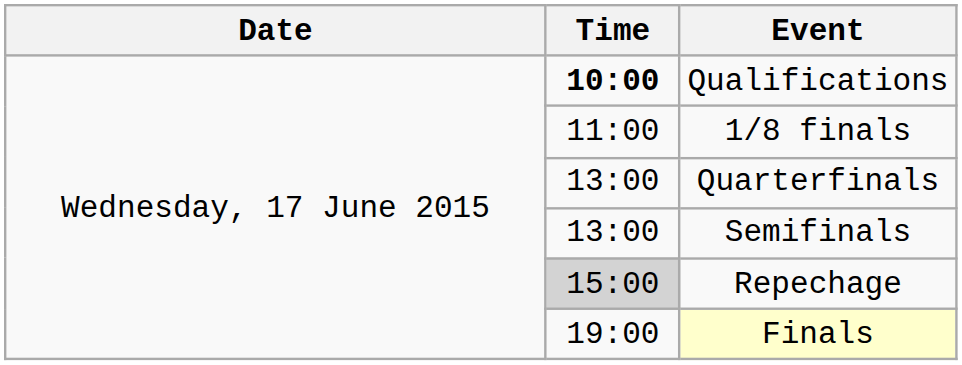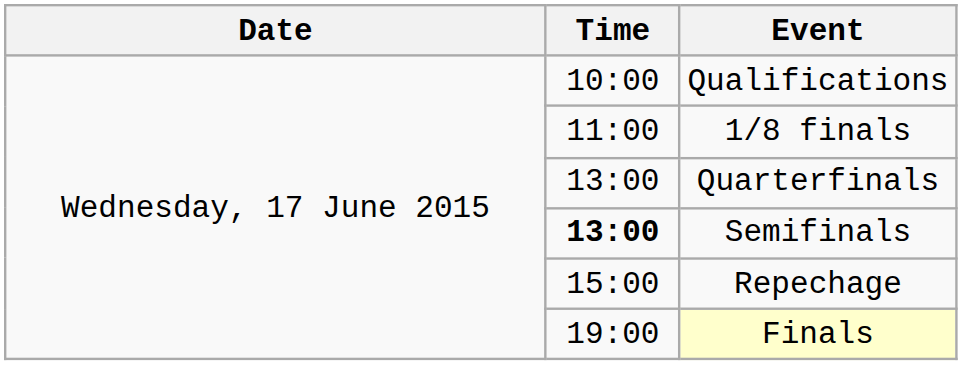 <table class = "wikitable" style="text-align:center;">
 <tr>
 <th width=220>Date</th>
 <th width=50>Time</th>
 <th width=100>Event</th>
 </tr>
 <tr>
 <td rowspan=6>Wednesday, 17 June 2015</td>
-<td><strong>10:00</strong></td>
+<td>10:00</td>
 <td>Qualifications</td>
 </tr>
 <tr>
 <td>11:00</td>
 <td>1/8 finals</td>
 </tr>
 <tr>
 <td>13:00</td>
 <td>Quarterfinals</td>
 </tr>
 <tr>
-<td>13:00</td>
+<td><strong>13:00</strong></td>
 <td>Semifinals</td>
 </tr>
 <tr>
-<td style="background: lightgrey;">15:00</td>
+<td>15:00</td>
 <td>Repechage</td>
 </tr>
 <tr>
 <td>19:00</td>
 <td bgcolor=ffffcc>Finals</td>
 </tr>
 </table>
